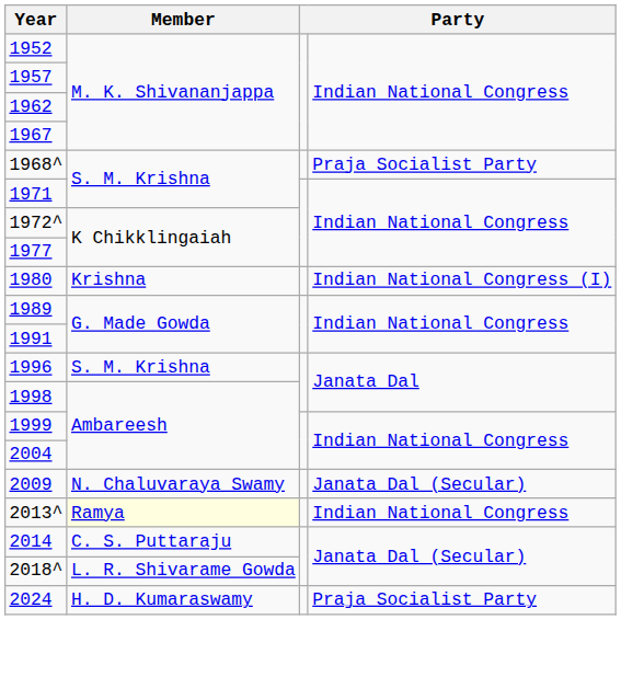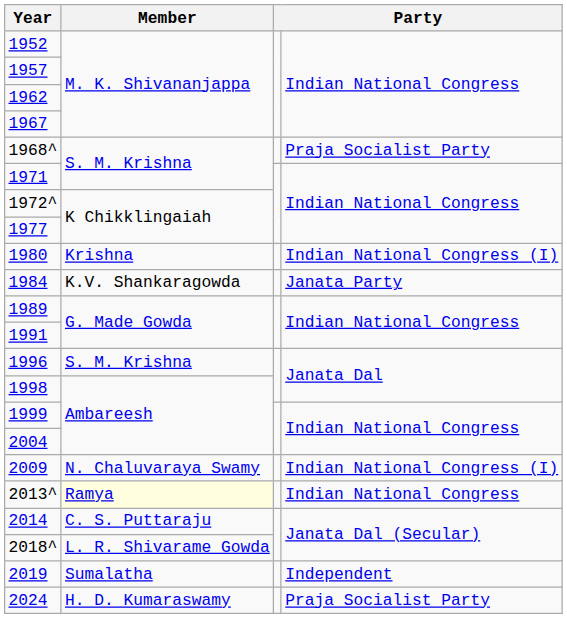 <table class="wikitable">
 <tr>
 <th>Year</th>
 <th>Member</th>
 <th colspan="2">Party</th>
 </tr>
 <tr>
 <td><a href='#'>1952</a></td>
 <td rowspan="4"><a href='#'>M. K. Shivananjappa</a></td>
 <td rowspan="4" style="background-color:"></td>
 <td rowspan="4"><a href='#'>Indian National Congress</a></td>
 </tr>
 <tr>
 <td><a href='#'>1957</a></td>
 </tr>
 <tr>
 <td><a href='#'>1962</a></td>
 </tr>
 <tr>
 <td><a href='#'>1967</a></td>
 </tr>
 <tr>
 <td>1968^</td>
 <td rowspan="2"><a href='#'>S. M. Krishna</a></td>
 <td style="background-color:"></td>
 <td><a href='#'>Praja Socialist Party</a></td>
 </tr>
 <tr>
 <td><a href='#'>1971</a></td>
 <td rowspan="3" style="background-color:"></td>
 <td rowspan="3"><a href='#'>Indian National Congress</a></td>
 </tr>
 <tr>
 <td>1972^</td>
 <td rowspan="2">K Chikklingaiah</td>
 </tr>
 <tr>
 <td><a href='#'>1977</a></td>
 </tr>
 <tr>
 <td><a href='#'>1980</a></td>
 <td><a href='#'>Krishna</a></td>
 <td style="background-color:"></td>
 <td><a href='#'>Indian National Congress (I)</a></td>
 </tr>
 <tr>
+<td><a href='#'>1984</a></td>
+<td>K.V. Shankaragowda</td>
+<td style="background-color:"></td>
+<td><a href='#'>Janata Party</a></td>
+</tr>
+<tr>
 <td><a href='#'>1989</a></td>
 <td rowspan="2"><a href='#'>G. Made Gowda</a></td>
 <td rowspan="2" style="background-color:"></td>
 <td rowspan="2"><a href='#'>Indian National Congress</a></td>
 </tr>
 <tr>
 <td><a href='#'>1991</a></td>
 </tr>
 <tr>
 <td><a href='#'>1996</a></td>
 <td><a href='#'>S. M. Krishna</a></td>
 <td rowspan="2" style="background-color:"></td>
 <td rowspan="2"><a href='#'>Janata Dal</a></td>
 </tr>
 <tr>
 <td><a href='#'>1998</a></td>
 <td rowspan="3"><a href='#'>Ambareesh</a></td>
 </tr>
 <tr>
 <td><a href='#'>1999</a></td>
 <td rowspan="2" style="background-color:"></td>
 <td rowspan="2"><a href='#'>Indian National Congress</a></td>
 </tr>
 <tr>
 <td><a href='#'>2004</a></td>
 </tr>
 <tr>
 <td><a href='#'>2009</a></td>
 <td><a href='#'>N. Chaluvaraya Swamy</a></td>
 <td style="background-color:"></td>
-<td><a href='#'>Janata Dal (Secular)</a></td>
+<td><a href='#'>Indian National Congress (I)</a></td>
 </tr>
 <tr>
 <td>2013^</td>
 <td style="background: lightyellow;"><a href='#'>Ramya</a></td>
 <td style="background-color:"></td>
 <td><a href='#'>Indian National Congress</a></td>
 </tr>
 <tr>
 <td><a href='#'>2014</a></td>
 <td><a href='#'>C. S. Puttaraju</a></td>
 <td rowspan="2" style="background-color:"></td>
 <td rowspan="2"><a href='#'>Janata Dal (Secular)</a></td>
 </tr>
 <tr>
 <td>2018^</td>
 <td><a href='#'>L. R. Shivarame Gowda</a></td>
 </tr>
 <tr>
+<td><a href='#'>2019</a></td>
+<td><a href='#'>Sumalatha</a></td>
+<td style="background-color:"></td>
+<td><a href='#'>Independent</a></td>
+</tr>
+<tr>
 <td><a href='#'>2024</a></td>
 <td><a href='#'>H. D. Kumaraswamy</a></td>
 <td style="background-color:"></td>
 <td><a href='#'>Praja Socialist Party</a></td>
 </tr>
 </table>
